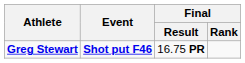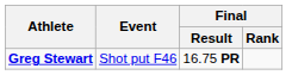 <table class=wikitable style="font-size:90%">
 <tr>
 <th rowspan="2">Athlete</th>
 <th rowspan="2">Event</th>
 <th colspan="3">Final</th>
 </tr>
 <tr>
 <th>Result</th>
 <th>Rank</th>
 </tr>
 <tr align=center>
 <td align=left><strong><a href='#'>Greg Stewart</a></strong></td>
-<td align=left><strong><a href='#'>Shot put F46</a></strong></td>
+<td align=left><a href='#'>Shot put F46</a></td>
 <td>16.75 <strong>PR</strong></td>
 <td></td>
 </tr>
 </table>
